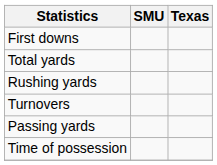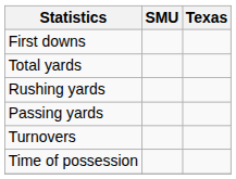 <table class="wikitable" style="float: left;">
 <tr>
 <th>Statistics</th>
 <th>SMU</th>
 <th>Texas</th>
 </tr>
 <tr>
 <td>First downs</td>
 <td></td>
 <td></td>
 </tr>
 <tr>
 <td>Total yards</td>
 <td></td>
 <td></td>
 </tr>
 <tr>
 <td>Rushing yards</td>
 <td></td>
 <td></td>
 </tr>
 <tr>
-<td>Turnovers</td>
+<td>Passing yards</td>
 <td></td>
 <td></td>
 </tr>
 <tr>
-<td>Passing yards</td>
+<td>Turnovers</td>
 <td></td>
 <td></td>
 </tr>
 <tr>
 <td>Time of possession</td>
 <td></td>
 <td></td>
 </tr>
 <tr>
 </tr>
 </table>
